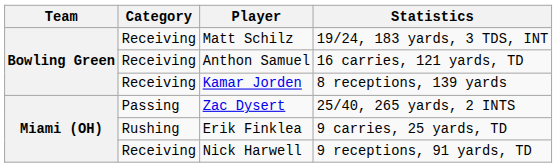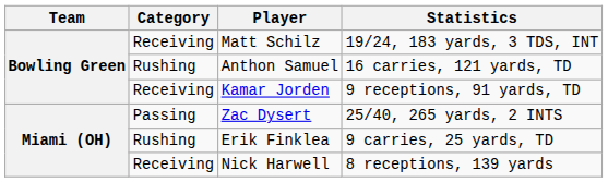 <table class="wikitable" style="float:right">
 <tr>
 <th>Team</th>
 <th>Category</th>
 <th>Player</th>
 <th>Statistics</th>
 </tr>
 <tr>
 <th rowspan=3>Bowling Green</th>
 <td>Receiving</td>
 <td>Matt Schilz</td>
 <td>19/24, 183 yards, 3 TDS, INT</td>
 </tr>
 <tr>
-<td>Receiving</td>
+<td>Rushing</td>
 <td>Anthon Samuel</td>
 <td>16 carries, 121 yards, TD</td>
 </tr>
 <tr>
 <td>Receiving</td>
 <td><a href='#'>Kamar Jorden</a></td>
-<td>8 receptions, 139 yards</td>
+<td>9 receptions, 91 yards, TD</td>
 </tr>
 <tr>
 <th rowspan=3>Miami (OH)</th>
 <td>Passing</td>
 <td><a href='#'>Zac Dysert</a></td>
 <td>25/40, 265 yards, 2 INTS</td>
 </tr>
 <tr>
 <td>Rushing</td>
 <td>Erik Finklea</td>
 <td>9 carries, 25 yards, TD</td>
 </tr>
 <tr>
 <td>Receiving</td>
 <td>Nick Harwell</td>
-<td>9 receptions, 91 yards, TD</td>
+<td>8 receptions, 139 yards</td>
 </tr>
 </table>
